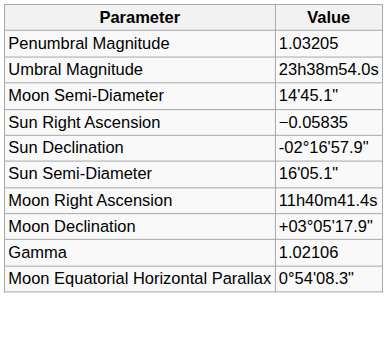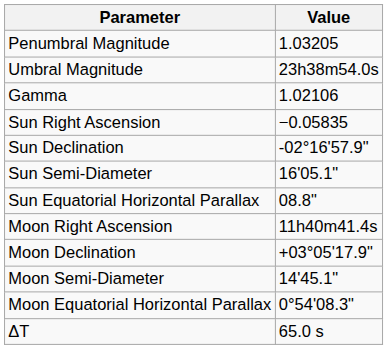 <table class="wikitable">
 <tr>
 <th>Parameter</th>
 <th>Value</th>
 </tr>
 <tr>
 <td>Penumbral Magnitude</td>
 <td>1.03205</td>
 </tr>
 <tr>
 <td>Umbral Magnitude</td>
 <td>23h38m54.0s</td>
 </tr>
 <tr>
-<td>Moon Semi-Diameter</td>
-<td>14'45.1"</td>
+<td>Gamma</td>
+<td>1.02106</td>
 </tr>
 <tr>
 <td>Sun Right Ascension</td>
 <td>−0.05835</td>
 </tr>
 <tr>
 <td>Sun Declination</td>
 <td>-02°16'57.9"</td>
 </tr>
 <tr>
 <td>Sun Semi-Diameter</td>
 <td>16'05.1"</td>
 </tr>
 <tr>
+<td>Sun Equatorial Horizontal Parallax</td>
+<td>08.8"</td>
+</tr>
+<tr>
 <td>Moon Right Ascension</td>
 <td>11h40m41.4s</td>
 </tr>
 <tr>
 <td>Moon Declination</td>
 <td>+03°05'17.9"</td>
 </tr>
 <tr>
-<td>Gamma</td>
-<td>1.02106</td>
+<td>Moon Semi-Diameter</td>
+<td>14'45.1"</td>
 </tr>
 <tr>
 <td>Moon Equatorial Horizontal Parallax</td>
 <td>0°54'08.3"</td>
 </tr>
+<tr>
+<td>ΔT</td>
+<td>65.0 s</td>
+</tr>
 </table>
